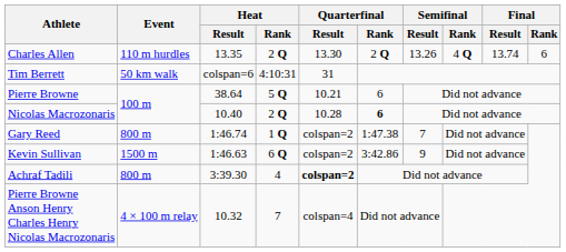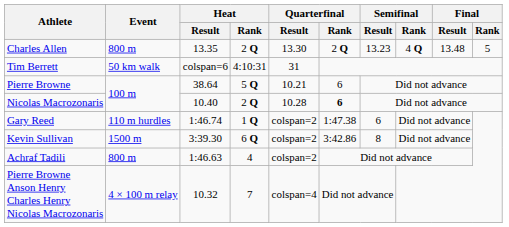 <table class=wikitable style="font-size:90%">
 <tr>
 <th rowspan="2">Athlete</th>
 <th rowspan="2">Event</th>
 <th colspan="2">Heat</th>
 <th colspan="2">Quarterfinal</th>
 <th colspan="2">Semifinal</th>
 <th colspan="2">Final</th>
 </tr>
 <tr style="font-size:95%">
 <th>Result</th>
 <th>Rank</th>
 <th>Result</th>
 <th>Rank</th>
 <th>Result</th>
 <th>Rank</th>
 <th>Result</th>
 <th>Rank</th>
 </tr>
 <tr align=center>
 <td align=left><a href='#'>Charles Allen</a></td>
-<td align=left><a href='#'>110 m hurdles</a></td>
+<td align=left><a href='#'>800 m</a></td>
 <td>13.35</td>
 <td>2 <strong>Q</strong></td>
 <td>13.30</td>
 <td>2 <strong>Q</strong></td>
-<td>13.26</td>
+<td>13.23</td>
 <td>4 <strong>Q</strong></td>
-<td>13.74</td>
-<td>6</td>
+<td>13.48</td>
+<td>5</td>
 </tr>
 <tr align=center>
 <td align=left><a href='#'>Tim Berrett</a></td>
 <td align=left><a href='#'>50 km walk</a></td>
 <td>colspan=6 </td>
 <td>4:10:31</td>
 <td>31</td>
 </tr>
 <tr align=center>
 <td align=left><a href='#'>Pierre Browne</a></td>
 <td align=left rowspan=2><a href='#'>100 m</a></td>
 <td>38.64</td>
 <td>5 <strong>Q</strong></td>
 <td>10.21</td>
 <td>6</td>
 <td colspan=4>Did not advance</td>
 </tr>
 <tr align=center>
 <td align=left><a href='#'>Nicolas Macrozonaris</a></td>
 <td>10.40</td>
 <td>2 <strong>Q</strong></td>
 <td>10.28</td>
 <td><strong>6</strong></td>
 <td colspan=4>Did not advance</td>
 </tr>
 <tr align=center>
 <td align=left><a href='#'>Gary Reed</a></td>
-<td align=left><a href='#'>800 m</a></td>
+<td align=left><a href='#'>110 m hurdles</a></td>
 <td>1:46.74</td>
 <td>1 <strong>Q</strong></td>
 <td>colspan=2 </td>
 <td>1:47.38</td>
-<td>7</td>
+<td>6</td>
 <td colspan=2>Did not advance</td>
 </tr>
 <tr align=center>
 <td align=left><a href='#'>Kevin Sullivan</a></td>
 <td align=left><a href='#'>1500 m</a></td>
-<td>1:46.63</td>
+<td>3:39.30</td>
 <td>6 <strong>Q</strong></td>
 <td>colspan=2 </td>
 <td>3:42.86</td>
-<td>9</td>
+<td>8</td>
 <td colspan=2>Did not advance</td>
 </tr>
 <tr align=center>
 <td align=left><a href='#'>Achraf Tadili</a></td>
 <td align=left><a href='#'>800 m</a></td>
-<td>3:39.30</td>
+<td>1:46.63</td>
 <td>4</td>
-<td><strong>colspan=2 </strong></td>
+<td>colspan=2 </td>
 <td colspan=4>Did not advance</td>
 </tr>
 <tr align=center>
 <td align=left><a href='#'>Pierre Browne</a><br><a href='#'>Anson Henry</a><br><a href='#'>Charles Henry</a><br><a href='#'>Nicolas Macrozonaris</a></td>
 <td align=left><a href='#'>4 × 100 m relay</a></td>
 <td>10.32</td>
 <td>7</td>
 <td>colspan=4 </td>
 <td colspan=2>Did not advance</td>
 </tr>
 </table>
